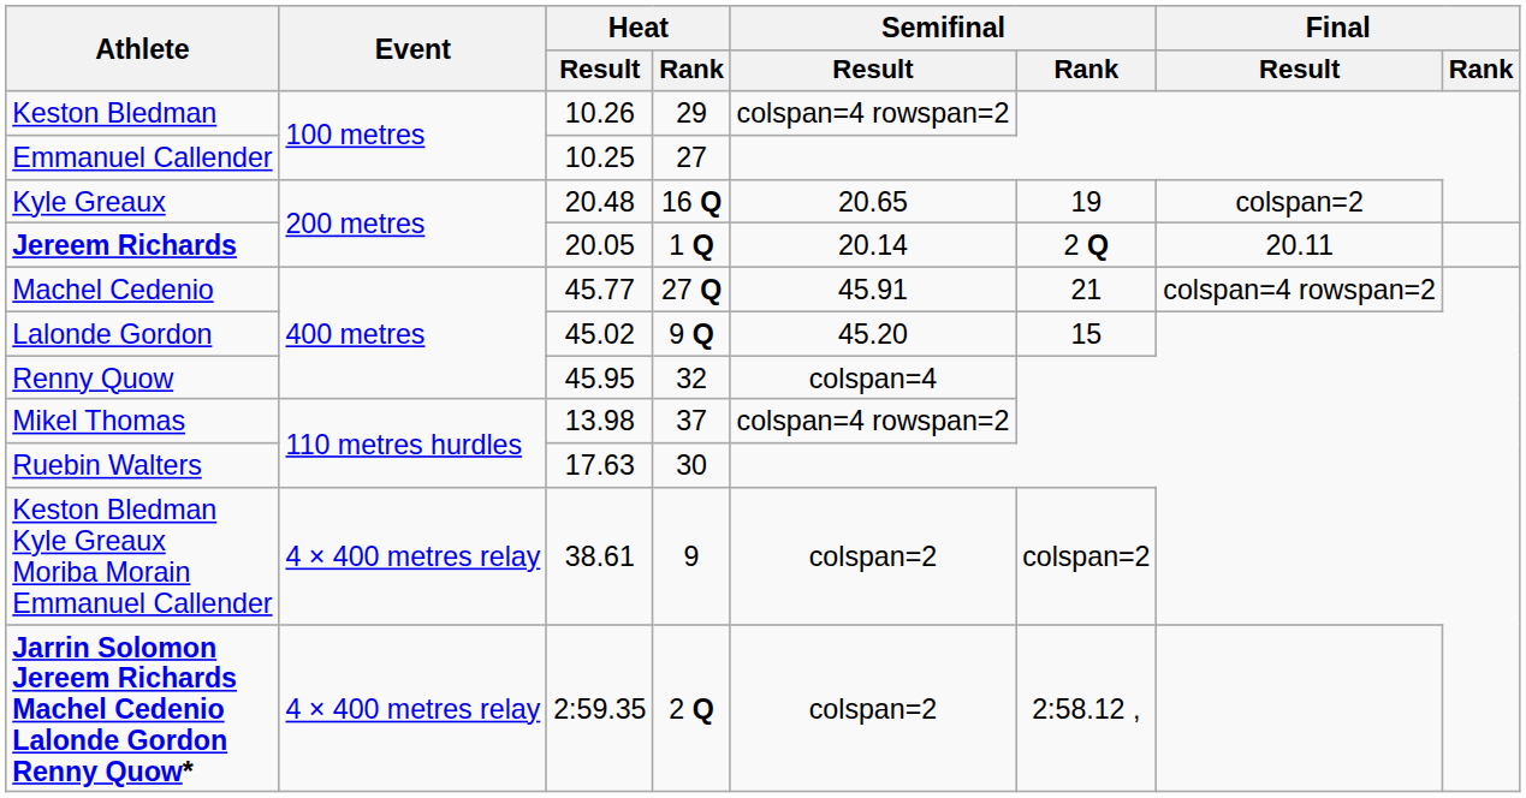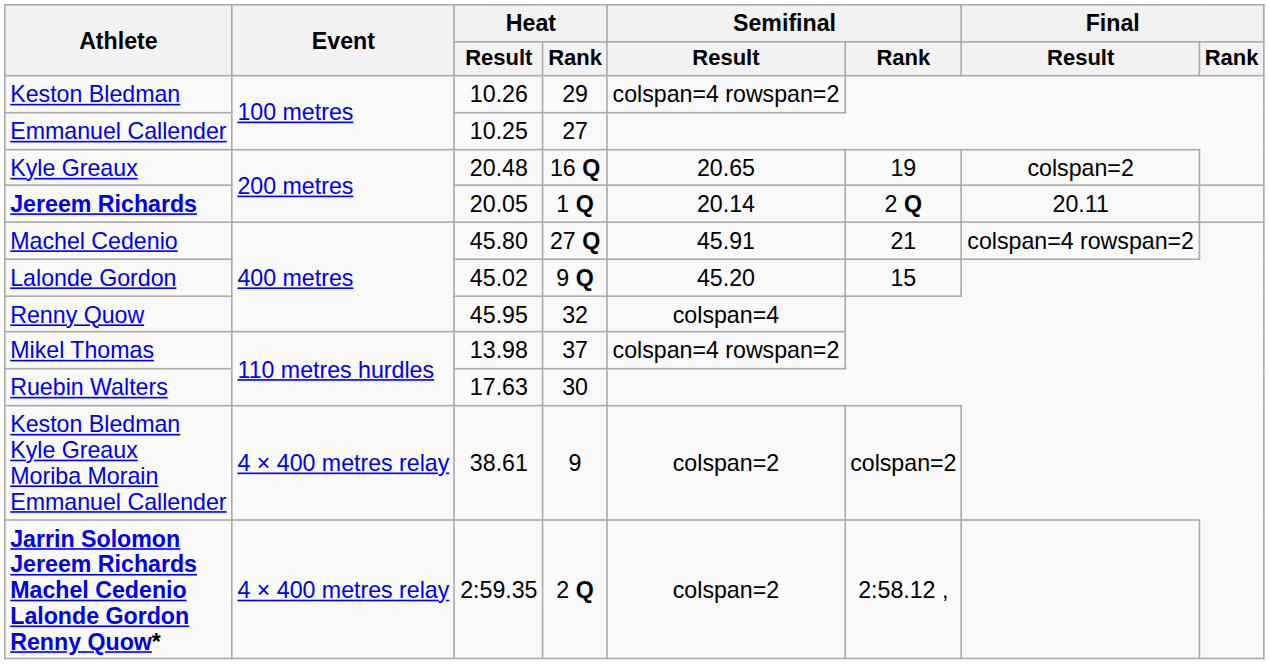 <table class=wikitable style=font-size:90%>
 <tr>
 <th rowspan=2>Athlete</th>
 <th rowspan=2>Event</th>
 <th colspan=2>Heat</th>
 <th colspan=2>Semifinal</th>
 <th colspan=2>Final</th>
 </tr>
 <tr style=font-size:95%>
 <th>Result</th>
 <th>Rank</th>
 <th>Result</th>
 <th>Rank</th>
 <th>Result</th>
 <th>Rank</th>
 </tr>
 <tr align=center>
 <td align=left><a href='#'>Keston Bledman</a></td>
 <td align=left rowspan=2><a href='#'>100 metres</a></td>
 <td>10.26</td>
 <td>29</td>
 <td>colspan=4 rowspan=2 </td>
 </tr>
 <tr align=center>
 <td align=left><a href='#'>Emmanuel Callender</a></td>
 <td>10.25</td>
 <td>27</td>
 </tr>
 <tr align=center>
 <td align=left><a href='#'>Kyle Greaux</a></td>
 <td align=left rowspan=2><a href='#'>200 metres</a></td>
 <td>20.48</td>
 <td>16 <strong>Q</strong></td>
 <td>20.65</td>
 <td>19</td>
 <td>colspan=2 </td>
 </tr>
 <tr align=center>
 <td align=left><strong><a href='#'>Jereem Richards</a></strong></td>
 <td>20.05</td>
 <td>1 <strong>Q</strong></td>
 <td>20.14</td>
 <td>2 <strong>Q</strong></td>
 <td>20.11</td>
 <td></td>
 </tr>
 <tr align=center>
 <td align=left><a href='#'>Machel Cedenio</a></td>
 <td align=left rowspan=3><a href='#'>400 metres</a></td>
-<td>45.77</td>
+<td>45.80</td>
 <td>27 <strong>Q</strong></td>
 <td>45.91</td>
 <td>21</td>
 <td>colspan=4 rowspan=2 </td>
 </tr>
 <tr align=center>
 <td align=left><a href='#'>Lalonde Gordon</a></td>
 <td>45.02 <strong></strong></td>
 <td>9 <strong>Q</strong></td>
 <td>45.20</td>
 <td>15</td>
 </tr>
 <tr align=center>
 <td align=left><a href='#'>Renny Quow</a></td>
 <td>45.95</td>
 <td>32</td>
 <td>colspan=4 </td>
 </tr>
 <tr align=center>
 <td align=left><a href='#'>Mikel Thomas</a></td>
 <td align=left rowspan=2><a href='#'>110 metres hurdles</a></td>
 <td>13.98</td>
 <td>37</td>
 <td>colspan=4 rowspan=2 </td>
 </tr>
 <tr align=center>
 <td align=left><a href='#'>Ruebin Walters</a></td>
 <td>17.63</td>
 <td>30</td>
 </tr>
 <tr align=center>
 <td align=left><a href='#'>Keston Bledman</a><br><a href='#'>Kyle Greaux</a><br><a href='#'>Moriba Morain</a><br><a href='#'>Emmanuel Callender</a></td>
 <td align=left><a href='#'>4 × 400 metres relay</a></td>
 <td>38.61 <strong></strong></td>
 <td>9</td>
 <td>colspan=2 </td>
 <td>colspan=2 </td>
 </tr>
 <tr align=center>
 <td align=left><strong><a href='#'>Jarrin Solomon</a><br> <a href='#'>Jereem Richards</a><br><a href='#'>Machel Cedenio</a><br><a href='#'>Lalonde Gordon</a><br><a href='#'>Renny Quow</a>*</strong></td>
 <td align=left><a href='#'>4 × 400 metres relay</a></td>
 <td>2:59.35 <strong></strong></td>
 <td>2 <strong>Q</strong></td>
 <td>colspan=2 </td>
 <td>2:58.12 <strong></strong>, <strong></strong></td>
 <td></td>
 </tr>
 </table>
